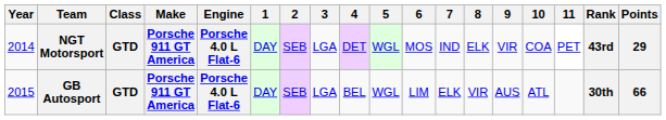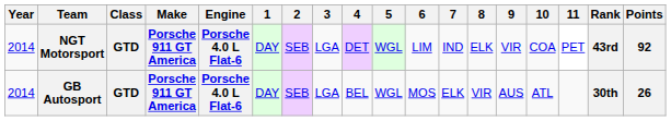 <table class="wikitable" style="text-align:center; font-size:90%">
 <tr>
 <th>Year</th>
 <th>Team</th>
 <th>Class</th>
 <th>Make</th>
 <th>Engine</th>
 <th>1</th>
 <th>2</th>
 <th>3</th>
 <th>4</th>
 <th>5</th>
 <th>6</th>
 <th>7</th>
 <th>8</th>
 <th>9</th>
 <th>10</th>
 <th>11</th>
 <th>Rank</th>
 <th>Points</th>
 </tr>
 <tr>
 <td><a href='#'>2014</a></td>
 <th>NGT Motorsport</th>
 <th>GTD</th>
 <th><a href='#'>Porsche 911 GT America</a></th>
 <th><a href='#'>Porsche</a> 4.0 L <a href='#'>Flat-6</a></th>
 <td style="background:#DFFFDF;"><a href='#'>DAY</a><br></td>
 <td style="background:#EFCFFF;"><a href='#'>SEB</a><br></td>
 <td style="background:#;"><a href='#'>LGA</a> <br></td>
 <td style="background:#EFCFFF;"><a href='#'>DET</a> <br></td>
 <td style="background:#DFFFDF;"><a href='#'>WGL</a> <br></td>
-<td style="background:#;"><a href='#'>MOS</a> <br></td>
+<td style="background:#;"><a href='#'>LIM</a><br></td>
 <td style="background:#;"><a href='#'>IND</a> <br></td>
 <td style="background:#;"><a href='#'>ELK</a><br></td>
 <td style="background:#;"><a href='#'>VIR</a> <br></td>
 <td style="background:#;"><a href='#'>COA</a><br></td>
 <td style="background:#ffffff;”"><a href='#'>PET</a><br></td>
 <th>43rd</th>
-<th>29</th>
+<th>92</th>
 </tr>
 <tr>
-<td><a href='#'>2015</a></td>
+<td><a href='#'>2014</a></td>
 <th>GB Autosport</th>
 <th>GTD</th>
 <th><a href='#'>Porsche 911 GT America</a></th>
 <th><a href='#'>Porsche</a> 4.0 L <a href='#'>Flat-6</a></th>
 <td style="background:#DFFFDF;"><a href='#'>DAY</a><br></td>
 <td style="background:#EFCFFF;"><a href='#'>SEB</a><br></td>
 <td style="background:#;”"><a href='#'>LGA</a><br></td>
 <td style="background:#;"><a href='#'>BEL</a><br></td>
 <td style="background:#;"><a href='#'>WGL</a><br></td>
-<td style="background:#;"><a href='#'>LIM</a><br></td>
+<td style="background:#;"><a href='#'>MOS</a> <br></td>
 <td style="background:#;"><a href='#'>ELK</a><br></td>
 <td style="background:#;"><a href='#'>VIR</a><br></td>
 <td style="background:#;"><a href='#'>AUS</a><br></td>
 <td style="background:#;"><a href='#'>ATL</a><br></td>
 <td></td>
 <th>30th</th>
-<th>66</th>
+<th>26</th>
 </tr>
 </table>
